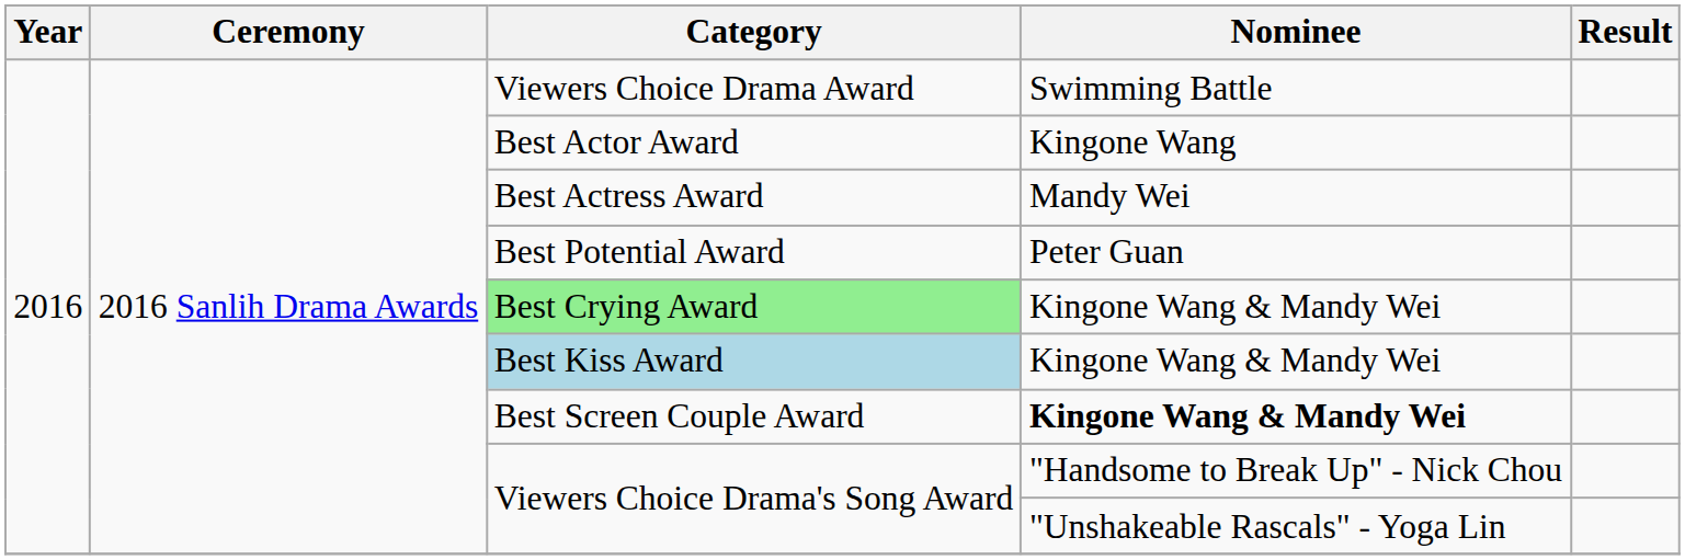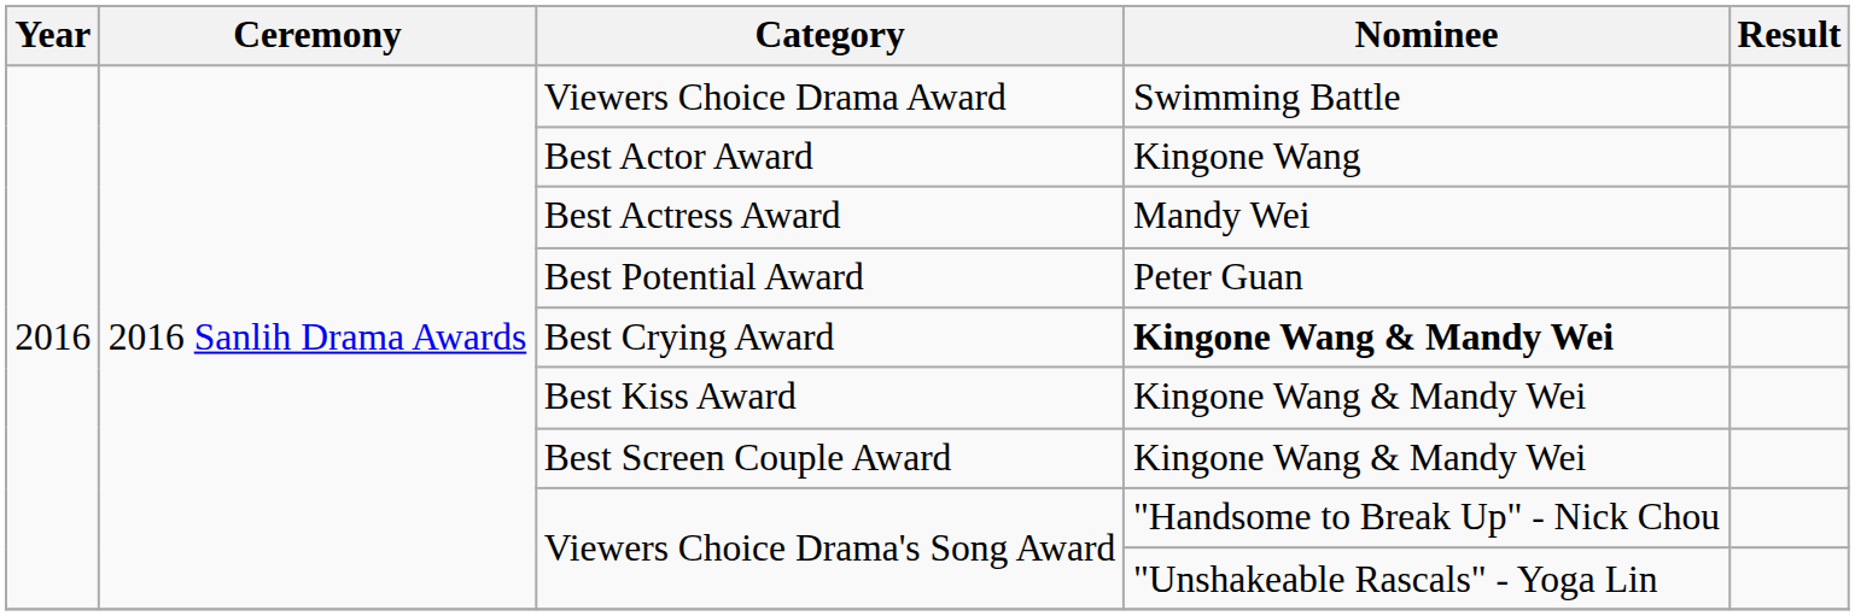 <table class="wikitable">
 <tr>
 <th>Year</th>
 <th>Ceremony</th>
 <th>Category</th>
 <th>Nominee</th>
 <th>Result</th>
 </tr>
 <tr>
 <td rowspan=9>2016</td>
 <td rowspan=9>2016 <a href='#'>Sanlih Drama Awards</a></td>
 <td>Viewers Choice Drama Award</td>
 <td>Swimming Battle</td>
 <td></td>
 </tr>
 <tr>
 <td>Best Actor Award</td>
 <td>Kingone Wang</td>
 <td></td>
 </tr>
 <tr>
 <td>Best Actress Award</td>
 <td>Mandy Wei</td>
 <td></td>
 </tr>
 <tr>
 <td>Best Potential Award</td>
 <td>Peter Guan</td>
 <td></td>
 </tr>
 <tr>
-<td style="background: lightgreen;">Best Crying Award</td>
-<td>Kingone Wang & Mandy Wei</td>
+<td>Best Crying Award</td>
+<td><strong>Kingone Wang & Mandy Wei</strong></td>
 <td></td>
 </tr>
 <tr>
-<td style="background: lightblue;">Best Kiss Award</td>
+<td>Best Kiss Award</td>
 <td>Kingone Wang & Mandy Wei</td>
 <td></td>
 </tr>
 <tr>
 <td>Best Screen Couple Award</td>
-<td><strong>Kingone Wang & Mandy Wei</strong></td>
+<td>Kingone Wang & Mandy Wei</td>
 <td></td>
 </tr>
 <tr>
 <td rowspan=2>Viewers Choice Drama's Song Award</td>
 <td>"Handsome to Break Up" - Nick Chou</td>
 <td></td>
 </tr>
 <tr>
 <td>"Unshakeable Rascals" - Yoga Lin</td>
 <td></td>
 </tr>
 <tr>
 </tr>
 </table>
